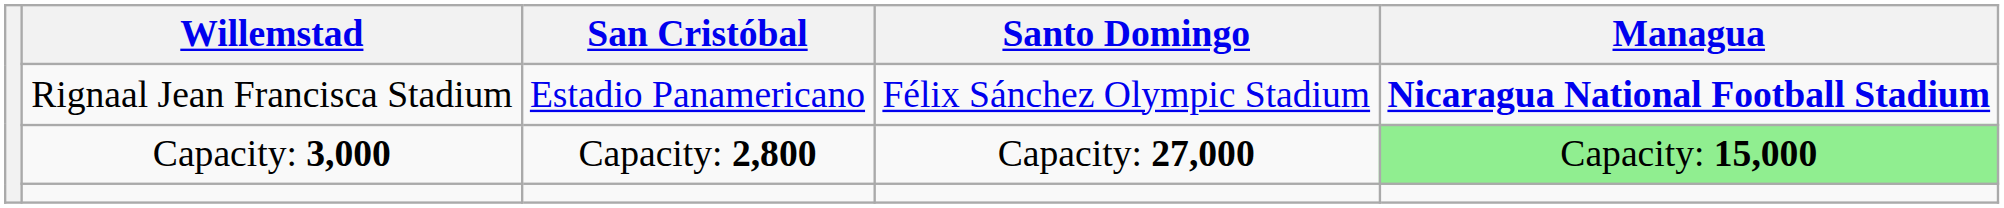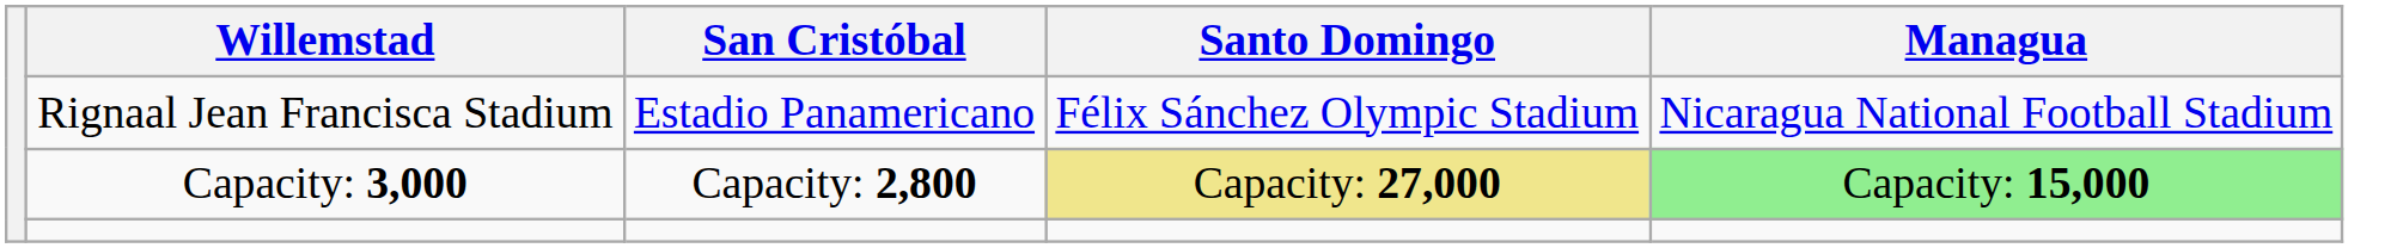 <table class="wikitable" style="text-align:center">
 <tr>
 <th rowspan="4"></th>
 <th><a href='#'>Willemstad</a></th>
 <th><a href='#'>San Cristóbal</a></th>
 <th><a href='#'>Santo Domingo</a></th>
 <th><a href='#'>Managua</a></th>
 </tr>
 <tr>
 <td>Rignaal Jean Francisca Stadium</td>
 <td><a href='#'>Estadio Panamericano</a></td>
 <td><a href='#'>Félix Sánchez Olympic Stadium</a></td>
-<td><strong><a href='#'>Nicaragua National Football Stadium</a></strong></td>
+<td><a href='#'>Nicaragua National Football Stadium</a></td>
 </tr>
 <tr>
 <td>Capacity: <strong>3,000</strong></td>
 <td>Capacity: <strong>2,800</strong></td>
-<td>Capacity: <strong>27,000</strong></td>
+<td style="background: khaki;">Capacity: <strong>27,000</strong></td>
 <td style="background: lightgreen;">Capacity: <strong>15,000</strong></td>
 </tr>
 <tr>
 <td></td>
 <td></td>
 <td></td>
 <td></td>
 </tr>
 </table>
